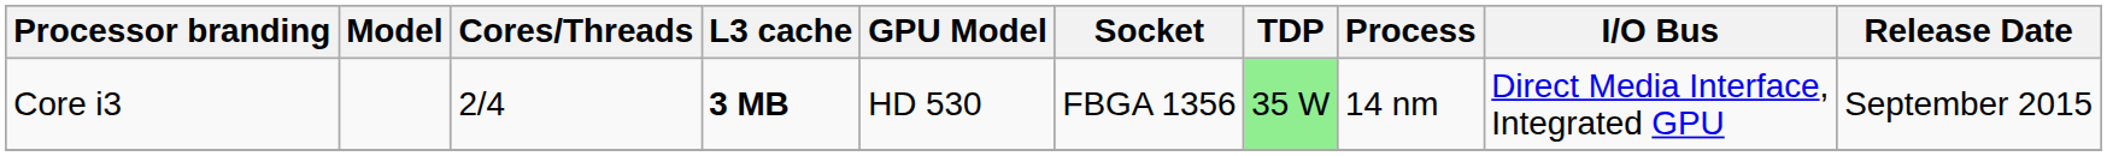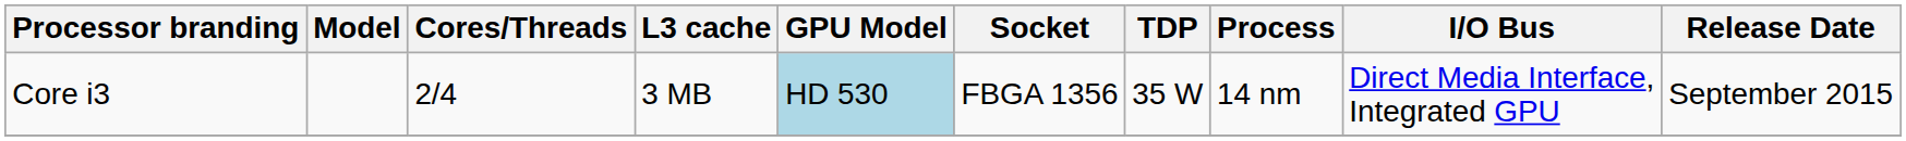 <table class="wikitable">
 <tr>
 <th>Processor branding</th>
 <th>Model</th>
 <th>Cores/Threads</th>
 <th>L3 cache</th>
 <th>GPU Model</th>
 <th>Socket</th>
 <th>TDP</th>
 <th>Process</th>
 <th>I/O Bus</th>
 <th>Release Date</th>
 </tr>
 <tr>
 <td>Core i3</td>
 <td></td>
 <td>2/4</td>
-<td><strong>3 MB</strong></td>
-<td>HD 530</td>
+<td>3 MB</td>
+<td style="background: lightblue;">HD 530</td>
 <td>FBGA 1356</td>
-<td style="background: lightgreen;">35 W</td>
+<td>35 W</td>
 <td>14 nm</td>
 <td><a href='#'>Direct Media Interface</a>,<br>Integrated <a href='#'>GPU</a></td>
 <td>September 2015</td>
 </tr>
 <tr>
 </tr>
 </table>
